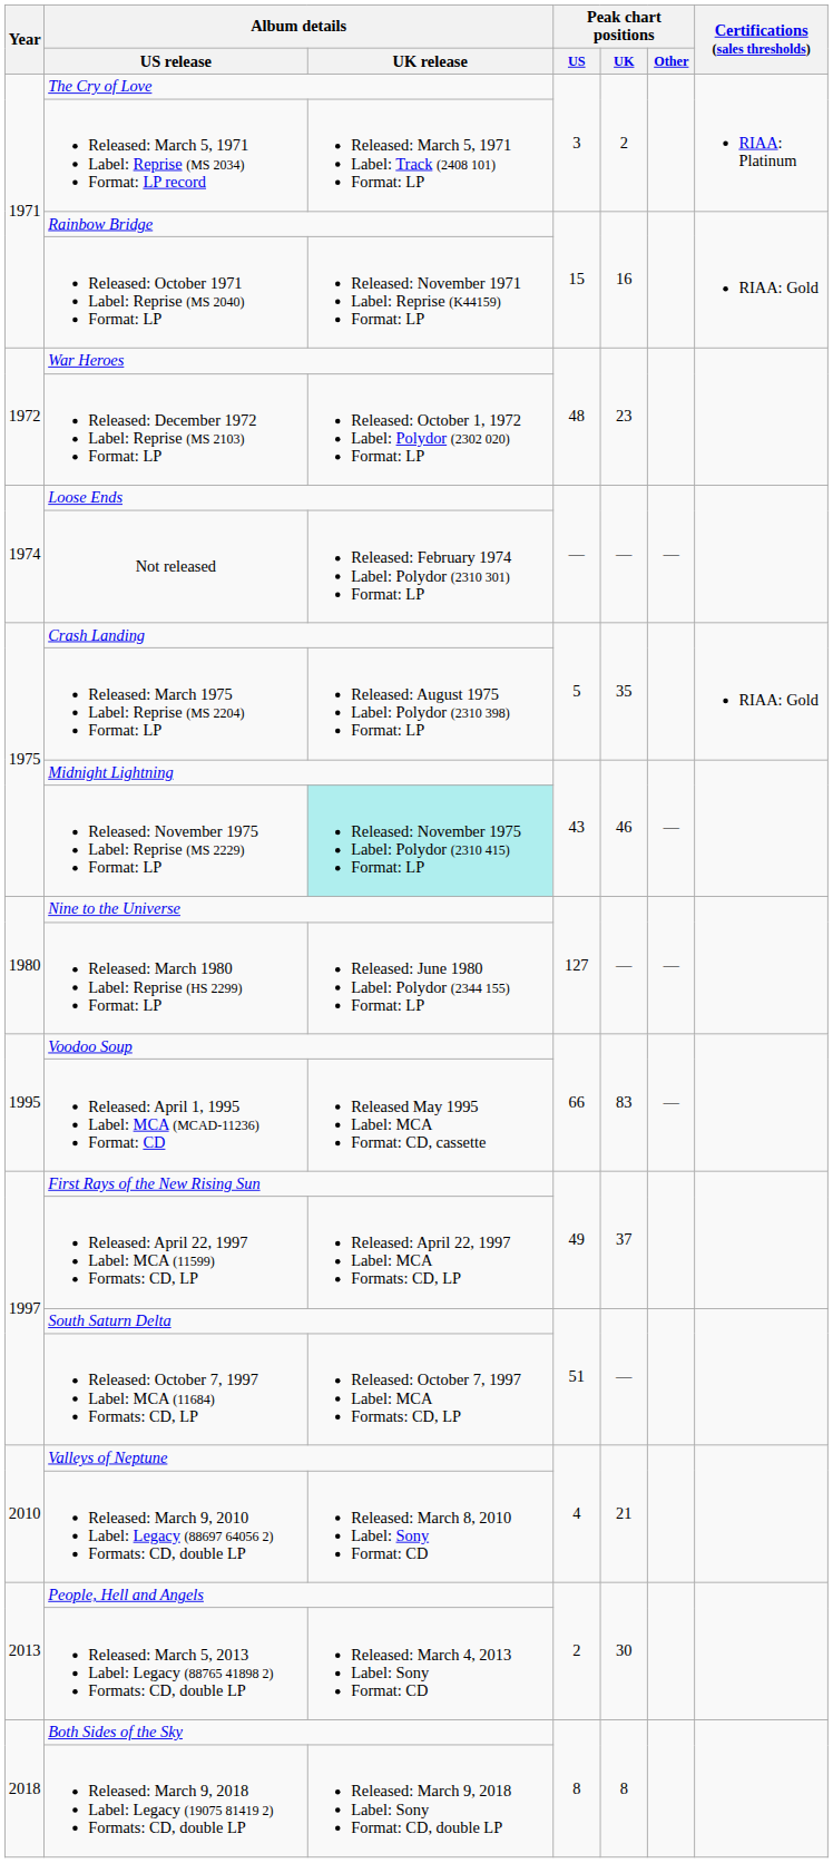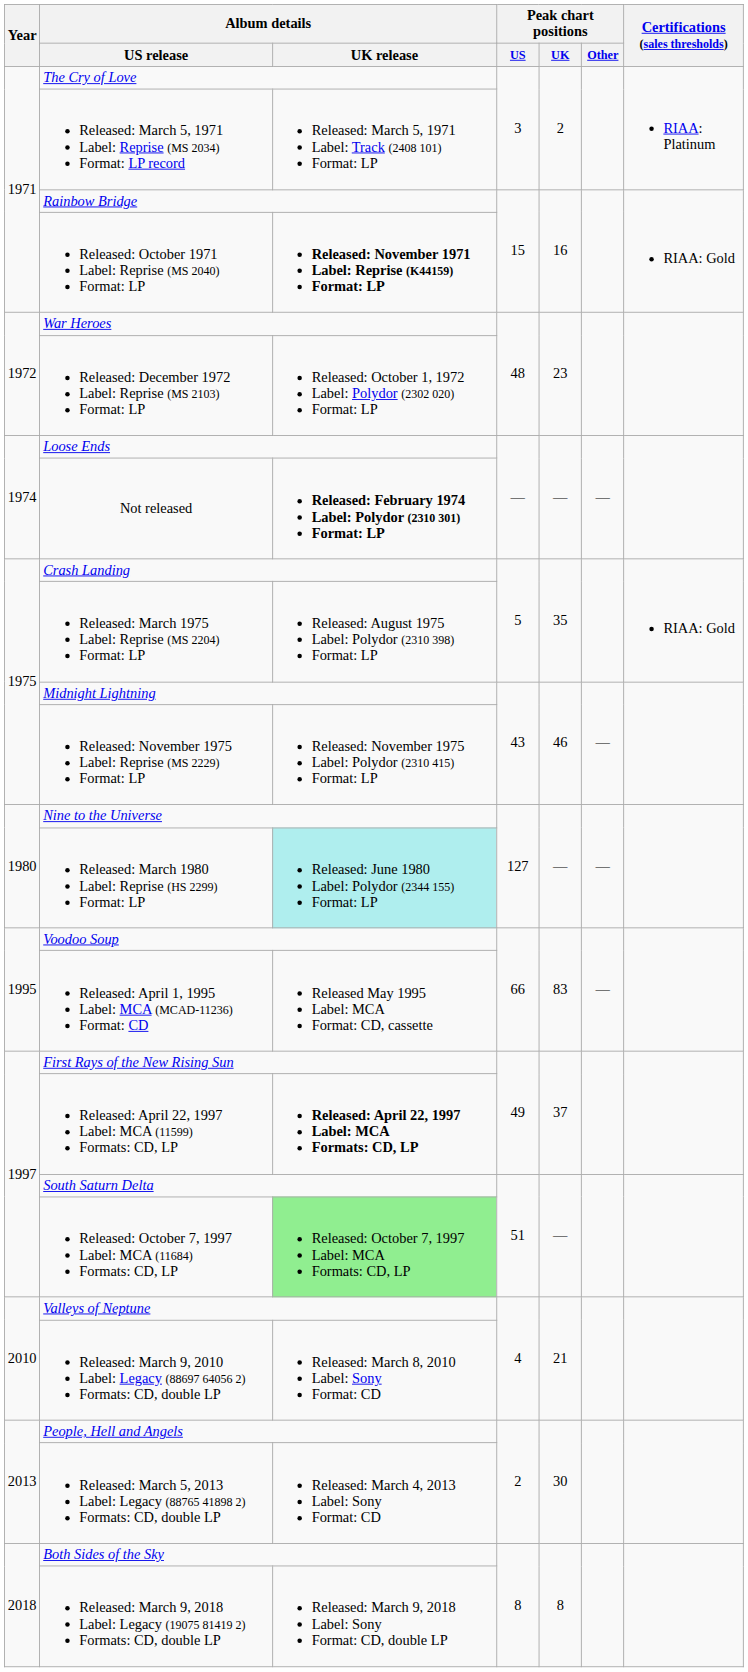 <table class="wikitable">
 <tr>
 <th rowspan="3">Year</th>
 <th rowspan="2" colspan="2" style="width:500px;">Album details</th>
 <th colspan="3">Peak chart positions</th>
 <th rowspan="3" style="width:125px;"><a href='#'>Certifications</a><br><small>(<a href='#'>sales thresholds</a>)</small></th>
 </tr>
 <tr>
 <th style="width:3em;font-size:85%" rowspan="2"><a href='#'>US</a><br></th>
 <th style="width:3em;font-size:85%" rowspan="2"><a href='#'>UK</a><br></th>
 <th style="width:3em;font-size:85%" rowspan="2"><a href='#'>Other</a><br></th>
 </tr>
 <tr>
 <th>US release</th>
 <th>UK release</th>
 </tr>
 <tr>
 <td rowspan="4">1971</td>
 <td colspan="2"><em><a href='#'>The Cry of Love</a></em></td>
 <td style="text-align:center;" rowspan="2">3</td>
 <td style="text-align:center;" rowspan="2">2</td>
 <td style="text-align:center;" rowspan="2"></td>
 <td rowspan="2"><br><ul><li><a href='#'>RIAA</a>: Platinum</li></ul></td>
 </tr>
 <tr>
 <td><br><ul><li>Released: March 5, 1971</li><li>Label: <a href='#'>Reprise</a> <small>(MS 2034)</small></li><li>Format: <a href='#'>LP record</a></li></ul></td>
 <td><br><ul><li>Released: March 5, 1971</li><li>Label: <a href='#'>Track</a> <small>(2408 101)</small></li><li>Format: LP</li></ul></td>
 </tr>
 <tr>
 <td colspan="2"><em><a href='#'>Rainbow Bridge</a></em></td>
 <td style="text-align:center;" rowspan="2">15</td>
 <td style="text-align:center;" rowspan="2">16</td>
 <td style="text-align:center;" rowspan="2"></td>
 <td rowspan="2"><br><ul><li>RIAA: Gold</li></ul></td>
 </tr>
 <tr>
 <td><br><ul><li>Released: October 1971</li><li>Label: Reprise <small>(MS 2040)</small></li><li>Format: LP</li></ul></td>
-<td><br><ul><li>Released: November 1971</li><li>Label: Reprise <small>(K44159)</small></li><li>Format: LP</li></ul></td>
+<td><strong><br><ul><li>Released: November 1971</li><li>Label: Reprise <small>(K44159)</small></li><li>Format: LP</li></ul></strong></td>
 </tr>
 <tr>
 <td rowspan="2">1972</td>
 <td colspan="2"><em><a href='#'>War Heroes</a></em></td>
 <td style="text-align:center;" rowspan="2">48</td>
 <td style="text-align:center;" rowspan="2">23</td>
 <td style="text-align:center;" rowspan="2"></td>
 <td rowspan="2"></td>
 </tr>
 <tr>
 <td><br><ul><li>Released: December 1972</li><li>Label: Reprise <small>(MS 2103)</small></li><li>Format: LP</li></ul></td>
 <td><br><ul><li>Released: October 1, 1972</li><li>Label: <a href='#'>Polydor</a> <small>(2302 020)</small></li><li>Format: LP</li></ul></td>
 </tr>
 <tr>
 <td rowspan="2">1974</td>
 <td colspan="2"><em><a href='#'>Loose Ends</a></em></td>
 <td style="text-align:center;" rowspan="2">—</td>
 <td style="text-align:center;" rowspan="2">—</td>
 <td style="text-align:center;" rowspan="2">—</td>
 <td rowspan="2"></td>
 </tr>
 <tr>
 <td style="text-align:center;">Not released</td>
-<td><br><ul><li>Released: February 1974</li><li>Label: Polydor <small>(2310 301)</small></li><li>Format: LP</li></ul></td>
+<td><strong><br><ul><li>Released: February 1974</li><li>Label: Polydor <small>(2310 301)</small></li><li>Format: LP</li></ul></strong></td>
 </tr>
 <tr>
 <td rowspan="4">1975</td>
 <td colspan="2"><em><a href='#'>Crash Landing</a></em></td>
 <td style="text-align:center;" rowspan="2">5</td>
 <td style="text-align:center;" rowspan="2">35</td>
 <td style="text-align:center;" rowspan="2"></td>
 <td rowspan="2"><br><ul><li>RIAA: Gold</li></ul></td>
 </tr>
 <tr>
 <td><br><ul><li>Released: March 1975</li><li>Label: Reprise <small>(MS 2204)</small></li><li>Format: LP</li></ul></td>
 <td><br><ul><li>Released: August 1975</li><li>Label: Polydor <small>(2310 398)</small></li><li>Format: LP</li></ul></td>
 </tr>
 <tr>
 <td colspan="2"><em><a href='#'>Midnight Lightning</a></em></td>
 <td style="text-align:center;" rowspan="2">43</td>
 <td style="text-align:center;" rowspan="2">46</td>
 <td style="text-align:center;" rowspan="2">—</td>
 <td rowspan="2"></td>
 </tr>
 <tr>
 <td><br><ul><li>Released: November 1975</li><li>Label: Reprise <small>(MS 2229)</small></li><li>Format: LP</li></ul></td>
-<td style="background: paleturquoise;"><br><ul><li>Released: November 1975</li><li>Label: Polydor <small>(2310 415)</small></li><li>Format: LP</li></ul></td>
+<td><br><ul><li>Released: November 1975</li><li>Label: Polydor <small>(2310 415)</small></li><li>Format: LP</li></ul></td>
 </tr>
 <tr>
 <td rowspan="2">1980</td>
 <td colspan="2"><em><a href='#'>Nine to the Universe</a></em></td>
 <td style="text-align:center;" rowspan="2">127</td>
 <td style="text-align:center;" rowspan="2">—</td>
 <td style="text-align:center;" rowspan="2">—</td>
 <td rowspan="2"></td>
 </tr>
 <tr>
 <td><br><ul><li>Released: March 1980</li><li>Label: Reprise <small>(HS 2299)</small></li><li>Format: LP</li></ul></td>
-<td><br><ul><li>Released: June 1980</li><li>Label: Polydor <small>(2344 155)</small></li><li>Format: LP</li></ul></td>
+<td style="background: paleturquoise;"><br><ul><li>Released: June 1980</li><li>Label: Polydor <small>(2344 155)</small></li><li>Format: LP</li></ul></td>
 </tr>
 <tr>
 <td rowspan="2">1995</td>
 <td colspan="2"><em><a href='#'>Voodoo Soup</a></em></td>
 <td style="text-align:center;" rowspan="2">66</td>
 <td style="text-align:center;" rowspan="2">83</td>
 <td style="text-align:center;" rowspan="2">—</td>
 <td rowspan="2"></td>
 </tr>
 <tr>
 <td><br><ul><li>Released: April 1, 1995</li><li>Label: <a href='#'>MCA</a> <small>(MCAD-11236)</small></li><li>Format: <a href='#'>CD</a></li></ul></td>
 <td><br><ul><li>Released May 1995</li><li>Label: MCA</li><li>Format: CD, cassette</li></ul></td>
 </tr>
 <tr>
 <td rowspan="4">1997</td>
 <td colspan="2"><em><a href='#'>First Rays of the New Rising Sun</a></em></td>
 <td style="text-align:center;" rowspan="2">49</td>
 <td style="text-align:center;" rowspan="2">37</td>
 <td style="text-align:center;" rowspan="2"></td>
 <td rowspan="2"></td>
 </tr>
 <tr>
 <td><br><ul><li>Released: April 22, 1997</li><li>Label: MCA <small> (11599)</small></li><li>Formats: CD, LP</li></ul></td>
-<td><br><ul><li>Released: April 22, 1997</li><li>Label: MCA</li><li>Formats: CD, LP</li></ul></td>
+<td><strong><br><ul><li>Released: April 22, 1997</li><li>Label: MCA</li><li>Formats: CD, LP</li></ul></strong></td>
 </tr>
 <tr>
 <td colspan="2"><em><a href='#'>South Saturn Delta</a></em></td>
 <td style="text-align:center;" rowspan="2">51</td>
 <td style="text-align:center;" rowspan="2">—</td>
 <td style="text-align:center;" rowspan="2"></td>
 <td rowspan="2"></td>
 </tr>
 <tr>
 <td><br><ul><li>Released: October 7, 1997</li><li>Label: MCA <small>(11684)</small></li><li>Formats: CD, LP</li></ul></td>
-<td><br><ul><li>Released: October 7, 1997</li><li>Label: MCA</li><li>Formats: CD, LP</li></ul></td>
+<td style="background: lightgreen;"><br><ul><li>Released: October 7, 1997</li><li>Label: MCA</li><li>Formats: CD, LP</li></ul></td>
 </tr>
 <tr>
 <td rowspan="2">2010</td>
 <td colspan="2"><em><a href='#'>Valleys of Neptune</a></em></td>
 <td style="text-align:center;" rowspan="2">4</td>
 <td style="text-align:center;" rowspan="2">21</td>
 <td style="text-align:center;" rowspan="2"></td>
 <td rowspan="2"></td>
 </tr>
 <tr>
 <td><br><ul><li>Released: March 9, 2010</li><li>Label: <a href='#'>Legacy</a> <small>(88697 64056 2)</small></li><li>Formats: CD, double LP</li></ul></td>
 <td><br><ul><li>Released: March 8, 2010</li><li>Label: <a href='#'>Sony</a></li><li>Format: CD</li></ul></td>
 </tr>
 <tr>
 <td rowspan="2">2013</td>
 <td colspan="2"><em><a href='#'>People, Hell and Angels</a></em></td>
 <td style="text-align:center;" rowspan="2">2</td>
 <td style="text-align:center;" rowspan="2">30</td>
 <td style="text-align:center;" rowspan="2"></td>
 <td rowspan="2"></td>
 </tr>
 <tr>
 <td><br><ul><li>Released: March 5, 2013</li><li>Label: Legacy <small>(88765 41898 2)</small></li><li>Formats: CD, double LP</li></ul></td>
 <td><br><ul><li>Released: March 4, 2013</li><li>Label: Sony</li><li>Format: CD</li></ul></td>
 </tr>
 <tr>
 <td rowspan="2">2018</td>
 <td colspan="2"><em><a href='#'>Both Sides of the Sky</a></em></td>
 <td style="text-align:center;" rowspan="2">8</td>
 <td style="text-align:center;" rowspan="2">8</td>
 <td style="text-align:center;" rowspan="2"></td>
 <td rowspan="2"></td>
 </tr>
 <tr>
 <td><br><ul><li>Released: March 9, 2018</li><li>Label: Legacy <small>(19075 81419 2)</small></li><li>Formats: CD, double LP</li></ul></td>
 <td><br><ul><li>Released: March 9, 2018</li><li>Label: Sony</li><li>Format: CD, double LP</li></ul></td>
 </tr>
 </table>
